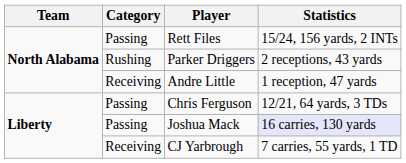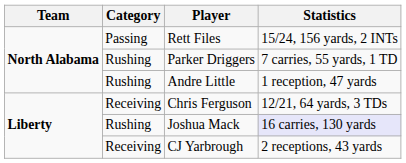 <table class="wikitable" style="float: left;">
 <tr>
 <th>Team</th>
 <th>Category</th>
 <th>Player</th>
 <th>Statistics</th>
 </tr>
 <tr>
 <td rowspan=3><strong>North Alabama</strong></td>
 <td>Passing</td>
 <td>Rett Files</td>
 <td>15/24, 156 yards, 2 INTs</td>
 </tr>
 <tr>
 <td>Rushing</td>
 <td>Parker Driggers</td>
-<td>2 receptions, 43 yards</td>
+<td>7 carries, 55 yards, 1 TD</td>
 </tr>
 <tr>
-<td>Receiving</td>
+<td>Rushing</td>
 <td>Andre Little</td>
 <td>1 reception, 47 yards</td>
 </tr>
 <tr>
 <td rowspan=3><strong>Liberty</strong></td>
-<td>Passing</td>
+<td>Receiving</td>
 <td>Chris Ferguson</td>
 <td>12/21, 64 yards, 3 TDs</td>
 </tr>
 <tr>
-<td>Passing</td>
+<td>Rushing</td>
 <td>Joshua Mack</td>
 <td style="background: lavender;">16 carries, 130 yards</td>
 </tr>
 <tr>
 <td>Receiving</td>
 <td>CJ Yarbrough</td>
-<td>7 carries, 55 yards, 1 TD</td>
+<td>2 receptions, 43 yards</td>
 </tr>
 </table>
